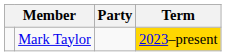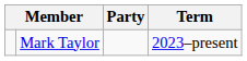 <table class="wikitable">
 <tr>
 <th colspan="2">Member</th>
 <th>Party</th>
 <th>Term</th>
 </tr>
 <tr>
 <td> </td>
 <td><a href='#'>Mark Taylor</a></td>
 <td></td>
-<td style="background: gold;"><a href='#'>2023</a>–present</td>
+<td><a href='#'>2023</a>–present</td>
 </tr>
 </table>
